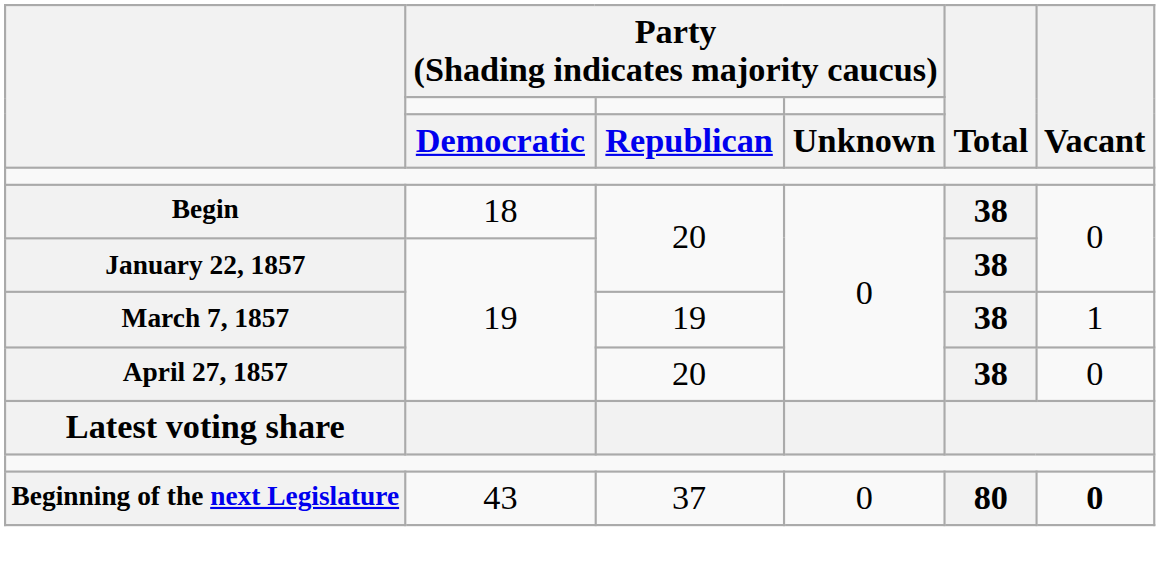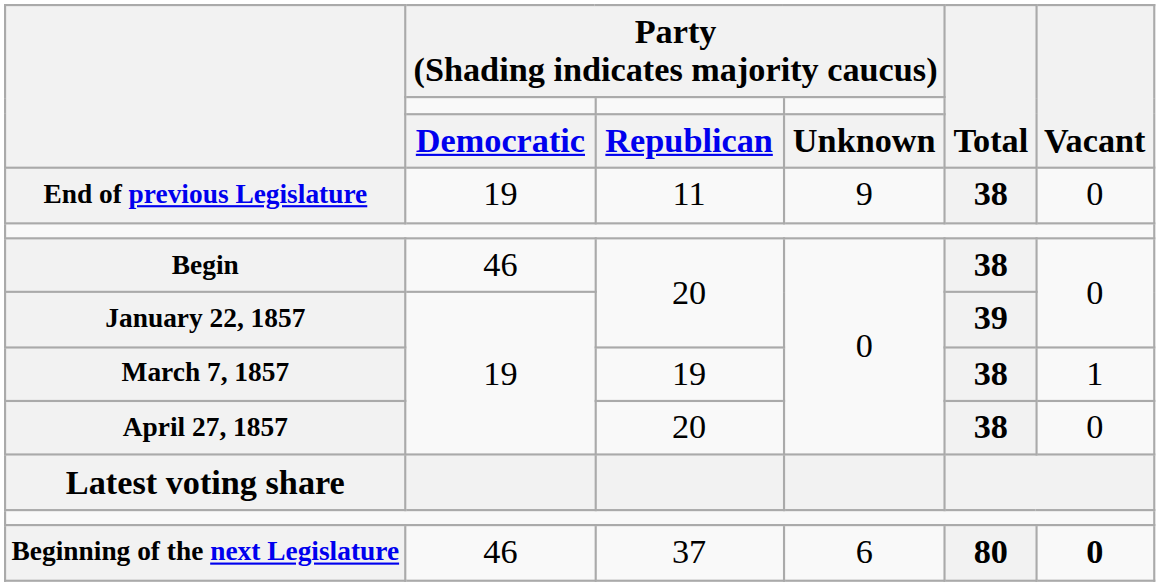 <table class=wikitable style="text-align:center">
 <tr style="vertical-align:bottom;">
 <th rowspan=3></th>
 <th colspan=3>Party <div>(Shading indicates majority caucus)</div></th>
 <th rowspan=3>Total</th>
 <th rowspan=3>Vacant</th>
 </tr>
 <tr style="height:5px">
 <td style="background-color:"></td>
 <td style="background-color:"></td>
 <td style="background-color:"></td>
 </tr>
 <tr>
 <th><a href='#'>Democratic</a></th>
 <th><a href='#'>Republican</a></th>
 <th>Unknown</th>
 </tr>
 <tr>
+<th style="white-space:nowrap; font-size:80%;">End of <a href='#'>previous Legislature</a></th>
+<td>19</td>
+<td>11</td>
+<td>9</td>
+<th>38</th>
+<td>0</td>
+</tr>
+<tr>
 <td colspan=6></td>
 </tr>
 <tr>
 <th style="font-size:80%">Begin</th>
-<td>18</td>
+<td>46</td>
 <td rowspan="2" >20</td>
 <td rowspan="4">0</td>
 <th>38</th>
 <td rowspan="2">0</td>
 </tr>
 <tr>
 <th style="font-size:80%">January 22, 1857</th>
 <td rowspan="3">19</td>
-<th>38</th>
+<th>39</th>
 </tr>
 <tr>
 <th style="font-size:80%">March 7, 1857</th>
 <td>19</td>
 <th>38</th>
 <td>1</td>
 </tr>
 <tr>
 <th style="font-size:80%">April 27, 1857 </th>
 <td>20</td>
 <th>38</th>
 <td>0</td>
 </tr>
 <tr>
 <th>Latest voting share</th>
 <th></th>
 <th></th>
 <th></th>
 <th colspan=2></th>
 </tr>
 <tr>
 <td colspan=6></td>
 </tr>
 <tr>
 <th style="white-space:nowrap; font-size:80%;">Beginning of the <a href='#'>next Legislature</a></th>
-<td>43</td>
+<td>46</td>
 <td>37</td>
-<td>0</td>
+<td>6</td>
 <th>80</th>
 <td><strong>0</strong></td>
 </tr>
 </table>
